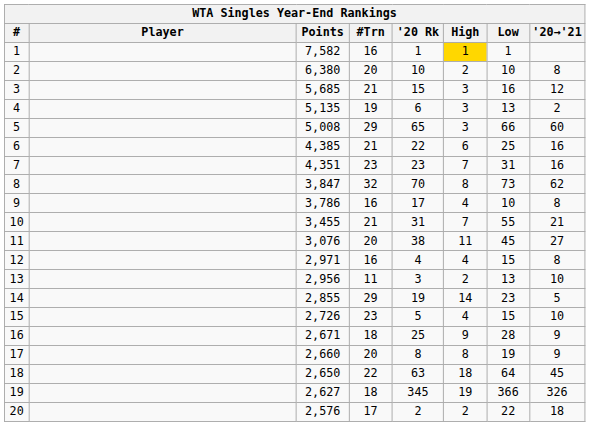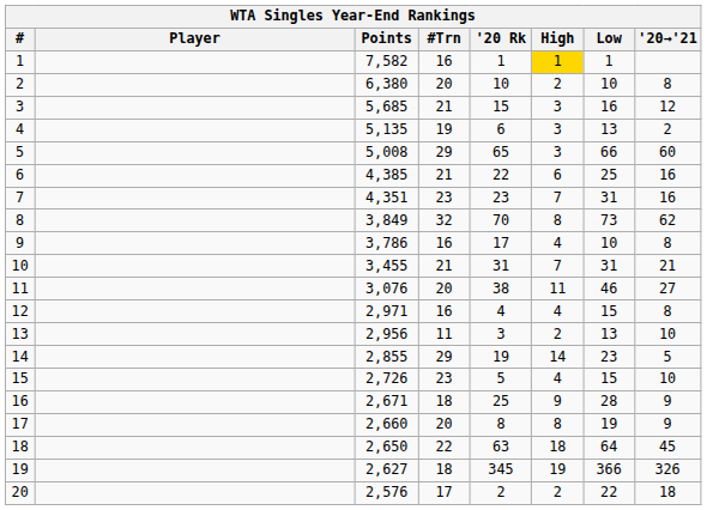 <table class="wikitable" style="font-size:95%">
 <tr>
 <th colspan="10">WTA Singles Year-End Rankings</th>
 </tr>
 <tr>
 <th style="width:20px;">#</th>
 <th style="width:290px;">Player</th>
 <th style="width:50px;">Points</th>
 <th width=40>#Trn</th>
 <th width=50>'20 Rk</th>
 <th width=40>High</th>
 <th width=40>Low</th>
 <th width=50>'20→'21</th>
 </tr>
 <tr style="text-align:center;">
 <td>1</td>
 <td style="text-align:left;"></td>
 <td>7,582</td>
 <td>16</td>
 <td>1</td>
 <td style="background: gold;">1</td>
 <td>1</td>
 <td></td>
 </tr>
 <tr style="text-align:center;">
 <td>2</td>
 <td style="text-align:left;"></td>
 <td>6,380</td>
 <td>20</td>
 <td>10</td>
 <td>2</td>
 <td>10</td>
 <td> 8</td>
 </tr>
 <tr style="text-align:center;">
 <td>3</td>
 <td style="text-align:left;"></td>
 <td>5,685</td>
 <td>21</td>
 <td>15</td>
 <td>3</td>
 <td>16</td>
 <td> 12</td>
 </tr>
 <tr style="text-align:center;">
 <td>4</td>
 <td style="text-align:left;"></td>
 <td>5,135</td>
 <td>19</td>
 <td>6</td>
 <td>3</td>
 <td>13</td>
 <td> 2</td>
 </tr>
 <tr style="text-align:center;">
 <td>5</td>
 <td style="text-align:left;"></td>
 <td>5,008</td>
 <td>29</td>
 <td>65</td>
 <td>3</td>
 <td>66</td>
 <td> 60</td>
 </tr>
 <tr style="text-align:center;">
 <td>6</td>
 <td style="text-align:left;"></td>
 <td>4,385</td>
 <td>21</td>
 <td>22</td>
 <td>6</td>
 <td>25</td>
 <td> 16</td>
 </tr>
 <tr style="text-align:center;">
 <td>7</td>
 <td style="text-align:left;"></td>
 <td>4,351</td>
 <td>23</td>
 <td>23</td>
 <td>7</td>
 <td>31</td>
 <td> 16</td>
 </tr>
 <tr style="text-align:center;">
 <td>8</td>
 <td style="text-align:left;"></td>
-<td>3,847</td>
+<td>3,849</td>
 <td>32</td>
 <td>70</td>
 <td>8</td>
 <td>73</td>
 <td> 62</td>
 </tr>
 <tr style="text-align:center;">
 <td>9</td>
 <td style="text-align:left;"></td>
 <td>3,786</td>
 <td>16</td>
 <td>17</td>
 <td>4</td>
 <td>10</td>
 <td> 8</td>
 </tr>
 <tr style="text-align:center;">
 <td>10</td>
 <td style="text-align:left;"></td>
 <td>3,455</td>
 <td>21</td>
 <td>31</td>
 <td>7</td>
-<td>55</td>
+<td>31</td>
 <td> 21</td>
 </tr>
 <tr style="text-align:center;">
 <td>11</td>
 <td style="text-align:left;"></td>
 <td>3,076</td>
 <td>20</td>
 <td>38</td>
 <td>11</td>
-<td>45</td>
+<td>46</td>
 <td> 27</td>
 </tr>
 <tr style="text-align:center;">
 <td>12</td>
 <td style="text-align:left;"></td>
 <td>2,971</td>
 <td>16</td>
 <td>4</td>
 <td>4</td>
 <td>15</td>
 <td> 8</td>
 </tr>
 <tr style="text-align:center;">
 <td>13</td>
 <td style="text-align:left;"></td>
 <td>2,956</td>
 <td>11</td>
 <td>3</td>
 <td>2</td>
 <td>13</td>
 <td> 10</td>
 </tr>
 <tr style="text-align:center;">
 <td>14</td>
 <td style="text-align:left;"></td>
 <td>2,855</td>
 <td>29</td>
 <td>19</td>
 <td>14</td>
 <td>23</td>
 <td> 5</td>
 </tr>
 <tr style="text-align:center;">
 <td>15</td>
 <td style="text-align:left;"></td>
 <td>2,726</td>
 <td>23</td>
 <td>5</td>
 <td>4</td>
 <td>15</td>
 <td> 10</td>
 </tr>
 <tr style="text-align:center;">
 <td>16</td>
 <td style="text-align:left;"></td>
 <td>2,671</td>
 <td>18</td>
 <td>25</td>
 <td>9</td>
 <td>28</td>
 <td> 9</td>
 </tr>
 <tr style="text-align:center;">
 <td>17</td>
 <td style="text-align:left;"></td>
 <td>2,660</td>
 <td>20</td>
 <td>8</td>
 <td>8</td>
 <td>19</td>
 <td> 9</td>
 </tr>
 <tr style="text-align:center;">
 <td>18</td>
 <td style="text-align:left;"></td>
 <td>2,650</td>
 <td>22</td>
 <td>63</td>
 <td>18</td>
 <td>64</td>
 <td> 45</td>
 </tr>
 <tr style="text-align:center;">
 <td>19</td>
 <td style="text-align:left;"></td>
 <td>2,627</td>
 <td>18</td>
 <td>345</td>
 <td>19</td>
 <td>366</td>
 <td> 326</td>
 </tr>
 <tr style="text-align:center;">
 <td>20</td>
 <td style="text-align:left;"></td>
 <td>2,576</td>
 <td>17</td>
 <td>2</td>
 <td>2</td>
 <td>22</td>
 <td> 18</td>
 </tr>
 </table>
